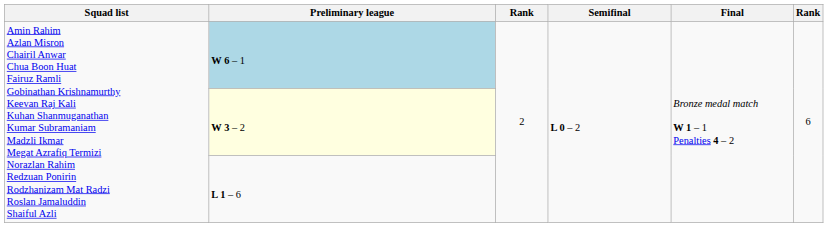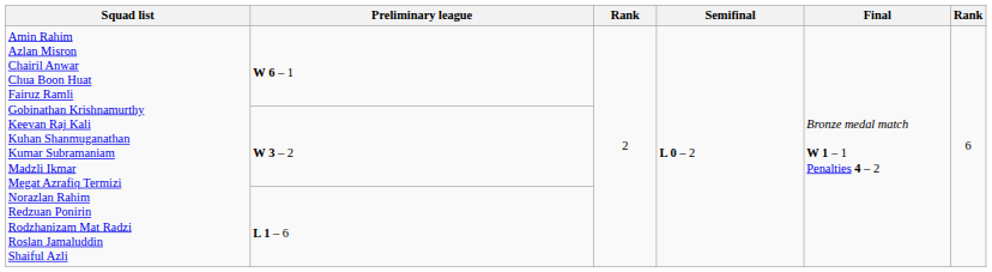 <table class="wikitable" width="90%" style="text-align:left; font-size:90%">
 <tr>
 <th width="25%">Squad list</th>
 <th width="35%">Preliminary league</th>
 <th>Rank</th>
 <th width="15%">Semifinal</th>
 <th width="15%">Final</th>
 <th width="3%">Rank</th>
 </tr>
 <tr>
 <td rowspan=3><a href='#'>Amin Rahim</a><br><a href='#'>Azlan Misron</a><br><a href='#'>Chairil Anwar</a><br><a href='#'>Chua Boon Huat</a><br><a href='#'>Fairuz Ramli</a><br><a href='#'>Gobinathan Krishnamurthy</a><br><a href='#'>Keevan Raj Kali</a><br><a href='#'>Kuhan Shanmuganathan</a><br><a href='#'>Kumar Subramaniam</a><br><a href='#'>Madzli Ikmar</a><br><a href='#'>Megat Azrafiq Termizi</a><br><a href='#'>Norazlan Rahim</a><br><a href='#'>Redzuan Ponirin</a><br><a href='#'>Rodzhanizam Mat Radzi</a><br><a href='#'>Roslan Jamaluddin</a><br><a href='#'>Shaiful Azli</a></td>
-<td style="background: lightblue;"><br><strong>W 6</strong> – 1<br></td>
+<td><br><strong>W 6</strong> – 1<br></td>
 <td rowspan=3 align=center>2 <strong></strong></td>
 <td rowspan=3><br><strong>L 0</strong> – 2<br></td>
 <td rowspan=3><em>Bronze medal match</em><br><br><strong>W 1</strong> – 1 <br><a href='#'>Penalties</a> <strong>4</strong> – 2</td>
 <td rowspan=3 align=center>6</td>
 </tr>
 <tr>
-<td style="background: lightyellow;"><br><strong>W 3</strong> – 2<br></td>
+<td><br><strong>W 3</strong> – 2<br></td>
 </tr>
 <tr>
 <td><br><strong>L 1</strong> – 6<br></td>
 </tr>
 </table>
